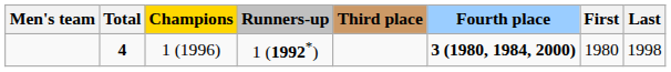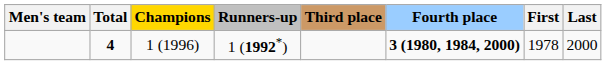 <table class="wikitable" style="text-align: center; font-size: 90%; margin-left: 1em;">
 <tr>
 <th>Men's team</th>
 <th>Total</th>
 <th style="background-color: gold;">Champions</th>
 <th style="background-color: silver;">Runners-up</th>
 <th style="background-color: #cc9966;">Third place</th>
 <th style="background-color: #9acdff;">Fourth place</th>
 <th>First</th>
 <th>Last</th>
 </tr>
 <tr>
 <td style="text-align: left;"></td>
 <td><strong>4</strong></td>
 <td>1 (1996)</td>
 <td>1 (<strong>1992</strong><sup>*</sup>)</td>
 <td></td>
 <td><strong>3 (1980, 1984, 2000)</strong></td>
-<td>1980</td>
-<td>1998</td>
+<td>1978</td>
+<td>2000</td>
 </tr>
 </table>
